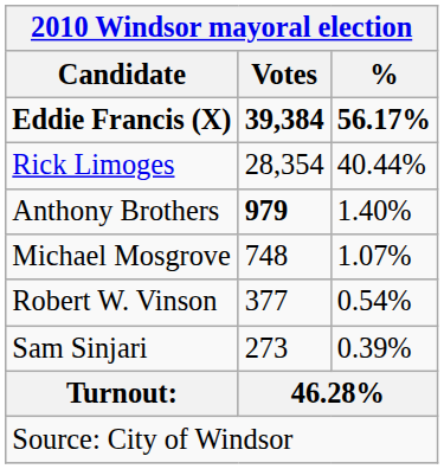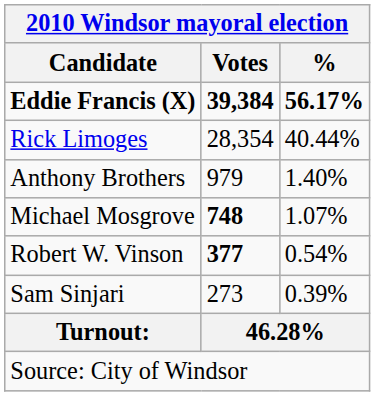 <table class="wikitable">
 <tr>
 <th colspan="3"><a href='#'>2010 Windsor mayoral election</a></th>
 </tr>
 <tr>
 <th>Candidate</th>
 <th>Votes</th>
 <th>%</th>
 </tr>
 <tr>
 <td><strong>Eddie Francis (X)</strong></td>
 <td><strong>39,384</strong></td>
 <td><strong>56.17%</strong></td>
 </tr>
 <tr>
 <td><a href='#'>Rick Limoges</a></td>
 <td>28,354</td>
 <td>40.44%</td>
 </tr>
 <tr>
 <td>Anthony Brothers</td>
-<td><strong>979</strong></td>
+<td>979</td>
 <td>1.40%</td>
 </tr>
 <tr>
 <td>Michael Mosgrove</td>
-<td>748</td>
+<td><strong>748</strong></td>
 <td>1.07%</td>
 </tr>
 <tr>
 <td>Robert W. Vinson</td>
-<td>377</td>
+<td><strong>377</strong></td>
 <td>0.54%</td>
 </tr>
 <tr>
 <td>Sam Sinjari</td>
 <td>273</td>
 <td>0.39%</td>
 </tr>
 <tr>
 <th>Turnout:</th>
 <th colspan="2">46.28%</th>
 </tr>
 <tr>
 <td colspan="3">Source: City of Windsor</td>
 </tr>
 </table>
